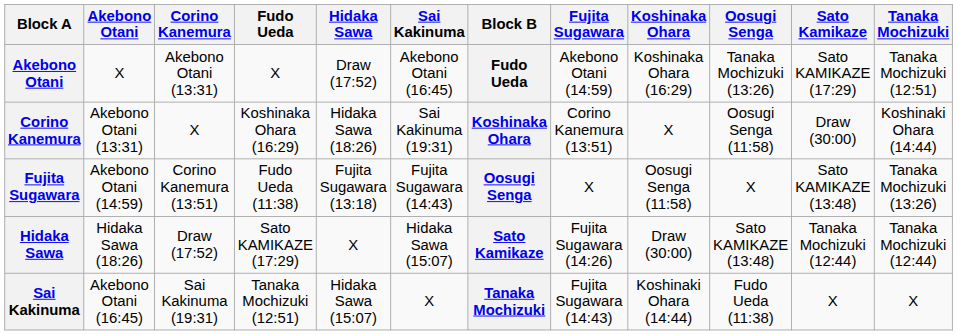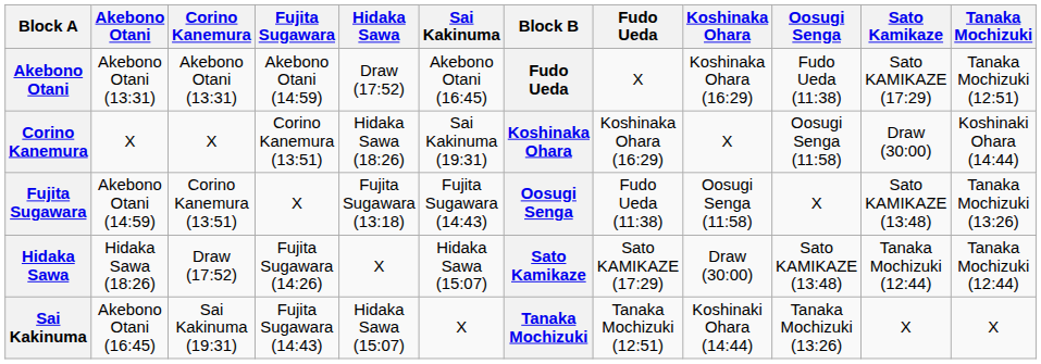 <table class="wikitable" style="text-align:center; margin: 1em auto 1em auto">
 <tr>
 <th>Block A</th>
 <th><a href='#'>Akebono</a><br><a href='#'>Otani</a></th>
 <th><a href='#'>Corino</a><br><a href='#'>Kanemura</a></th>
-<th>Fudo<br>Ueda</th>
+<th><a href='#'>Fujita</a><br><a href='#'>Sugawara</a></th>
 <th><a href='#'>Hidaka</a><br><a href='#'>Sawa</a></th>
 <th><a href='#'>Sai</a><br>Kakinuma</th>
 <th>Block B</th>
-<th><a href='#'>Fujita</a><br><a href='#'>Sugawara</a></th>
+<th>Fudo<br>Ueda</th>
 <th><a href='#'>Koshinaka</a><br><a href='#'>Ohara</a></th>
 <th><a href='#'>Oosugi</a><br><a href='#'>Senga</a></th>
 <th><a href='#'>Sato</a><br><a href='#'>Kamikaze</a></th>
 <th><a href='#'>Tanaka</a><br><a href='#'>Mochizuki</a></th>
 </tr>
 <tr>
 <th><a href='#'>Akebono</a><br><a href='#'>Otani</a></th>
-<td>X</td>
 <td>Akebono<br>Otani<br>(13:31)</td>
-<td>X</td>
+<td>Akebono<br>Otani<br>(13:31)</td>
+<td>Akebono<br>Otani<br>(14:59)</td>
 <td>Draw<br>(17:52)</td>
 <td>Akebono<br>Otani<br>(16:45)</td>
 <th>Fudo<br>Ueda</th>
-<td>Akebono<br>Otani<br>(14:59)</td>
+<td>X</td>
 <td>Koshinaka<br>Ohara<br>(16:29)</td>
-<td>Tanaka<br>Mochizuki<br>(13:26)</td>
+<td>Fudo<br>Ueda<br>(11:38)</td>
 <td>Sato<br>KAMIKAZE<br>(17:29)</td>
 <td>Tanaka<br>Mochizuki<br>(12:51)</td>
 </tr>
 <tr>
 <th><a href='#'>Corino</a><br><a href='#'>Kanemura</a></th>
-<td>Akebono<br>Otani<br>(13:31)</td>
 <td>X</td>
-<td>Koshinaka<br>Ohara<br>(16:29)</td>
+<td>X</td>
+<td>Corino<br>Kanemura<br>(13:51)</td>
 <td>Hidaka<br>Sawa<br>(18:26)</td>
 <td>Sai<br>Kakinuma<br>(19:31)</td>
 <th><a href='#'>Koshinaka</a><br><a href='#'>Ohara</a></th>
-<td>Corino<br>Kanemura<br>(13:51)</td>
+<td>Koshinaka<br>Ohara<br>(16:29)</td>
 <td>X</td>
 <td>Oosugi<br>Senga<br>(11:58)</td>
 <td>Draw<br>(30:00)</td>
 <td>Koshinaki<br>Ohara<br>(14:44)</td>
 </tr>
 <tr>
 <th><a href='#'>Fujita</a><br><a href='#'>Sugawara</a></th>
 <td>Akebono<br>Otani<br>(14:59)</td>
 <td>Corino<br>Kanemura<br>(13:51)</td>
-<td>Fudo<br>Ueda<br>(11:38)</td>
+<td>X</td>
 <td>Fujita<br>Sugawara<br>(13:18)</td>
 <td>Fujita<br>Sugawara<br>(14:43)</td>
 <th><a href='#'>Oosugi</a><br><a href='#'>Senga</a></th>
-<td>X</td>
+<td>Fudo<br>Ueda<br>(11:38)</td>
 <td>Oosugi<br>Senga<br>(11:58)</td>
 <td>X</td>
 <td>Sato<br>KAMIKAZE<br>(13:48)</td>
 <td>Tanaka<br>Mochizuki<br>(13:26)</td>
 </tr>
 <tr>
 <th><a href='#'>Hidaka</a><br><a href='#'>Sawa</a></th>
 <td>Hidaka<br>Sawa<br>(18:26)</td>
 <td>Draw<br>(17:52)</td>
-<td>Sato<br>KAMIKAZE<br>(17:29)</td>
+<td>Fujita<br>Sugawara<br>(14:26)</td>
 <td>X</td>
 <td>Hidaka<br>Sawa<br>(15:07)</td>
 <th><a href='#'>Sato</a><br><a href='#'>Kamikaze</a></th>
-<td>Fujita<br>Sugawara<br>(14:26)</td>
+<td>Sato<br>KAMIKAZE<br>(17:29)</td>
 <td>Draw<br>(30:00)</td>
 <td>Sato<br>KAMIKAZE<br>(13:48)</td>
 <td>Tanaka<br>Mochizuki<br>(12:44)</td>
 <td>Tanaka<br>Mochizuki<br>(12:44)</td>
 </tr>
 <tr>
 <th><a href='#'>Sai</a><br>Kakinuma</th>
 <td>Akebono<br>Otani<br>(16:45)</td>
 <td>Sai<br>Kakinuma<br>(19:31)</td>
-<td>Tanaka<br>Mochizuki<br>(12:51)</td>
+<td>Fujita<br>Sugawara<br>(14:43)</td>
 <td>Hidaka<br>Sawa<br>(15:07)</td>
 <td>X</td>
 <th><a href='#'>Tanaka</a><br><a href='#'>Mochizuki</a></th>
-<td>Fujita<br>Sugawara<br>(14:43)</td>
+<td>Tanaka<br>Mochizuki<br>(12:51)</td>
 <td>Koshinaki<br>Ohara<br>(14:44)</td>
-<td>Fudo<br>Ueda<br>(11:38)</td>
+<td>Tanaka<br>Mochizuki<br>(13:26)</td>
 <td>X</td>
 <td>X</td>
 </tr>
 </table>
